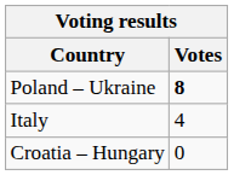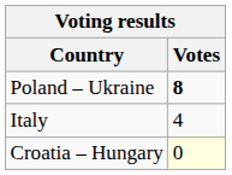 <table class="wikitable">
 <tr>
 <th colspan="2">Voting results</th>
 </tr>
 <tr>
 <th>Country</th>
 <th>Votes</th>
 </tr>
 <tr>
 <td> Poland –  Ukraine</td>
 <td><strong>8</strong></td>
 </tr>
 <tr>
 <td> Italy</td>
 <td>4</td>
 </tr>
 <tr>
 <td> Croatia –  Hungary</td>
-<td>0</td>
+<td style="background: lightyellow;">0</td>
 </tr>
 </table>
